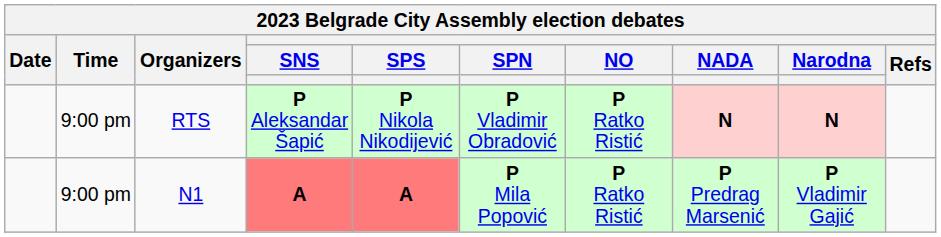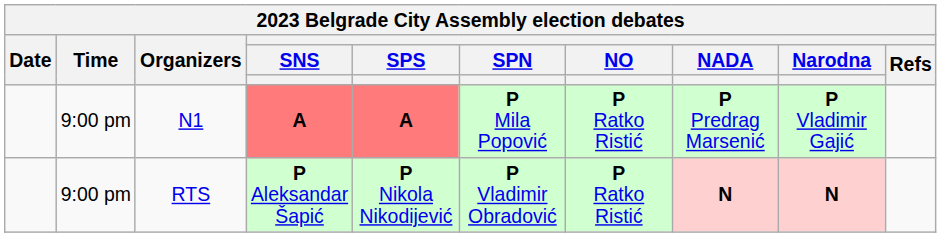 <table class="wikitable" style="font-size:85%; line-height:15px; text-align:center">
 <tr>
 <th colspan="10">2023 Belgrade City Assembly election debates</th>
 </tr>
 <tr>
 <th rowspan="3">Date</th>
 <th rowspan="3">Time</th>
 <th rowspan="3">Organizers</th>
 <th colspan="7">      </th>
 </tr>
 <tr>
 <th scope="col" style="width:5em"><a href='#'>SNS</a></th>
 <th scope="col" style="width:5em"><a href='#'>SPS</a></th>
 <th scope="col" style="width:5em"><a href='#'>SPN</a></th>
 <th scope="col" style="width:5em"><a href='#'>NO</a></th>
 <th scope="col" style="width:5em"><a href='#'>NADA</a></th>
 <th scope="col" style="width:5em"><a href='#'>Narodna</a></th>
 <th rowspan="2">Refs</th>
 </tr>
 <tr>
 <th style="background:"></th>
 <th style="background:"></th>
 <th style="background:"></th>
 <th style="background:"></th>
 <th style="background:"></th>
 <th style="background:"></th>
 </tr>
 <tr>
 <td></td>
 <td>9:00 pm</td>
+<td><a href='#'>N1</a></td>
+<td style="background:#FF7A7A"><strong>A</strong></td>
+<td style="background:#FF7A7A"><strong>A</strong></td>
+<td style="background:#D0FFD0"><strong>P</strong><br><a href='#'>Mila Popović</a></td>
+<td style="background:#D0FFD0"><strong>P</strong><br><a href='#'>Ratko Ristić</a></td>
+<td style="background:#D0FFD0"><strong>P</strong><br><a href='#'>Predrag Marsenić</a></td>
+<td style="background:#D0FFD0"><strong>P</strong><br><a href='#'>Vladimir Gajić</a></td>
+<td></td>
+</tr>
+<tr>
+<td></td>
+<td>9:00 pm</td>
 <td><a href='#'>RTS</a></td>
 <td style="background:#D0FFD0"><strong>P</strong><br><a href='#'>Aleksandar Šapić</a></td>
 <td style="background:#D0FFD0"><strong>P</strong><br><a href='#'>Nikola Nikodijević</a></td>
 <td style="background:#D0FFD0"><strong>P</strong><br><a href='#'>Vladimir Obradović</a></td>
 <td style="background:#D0FFD0"><strong>P</strong><br><a href='#'>Ratko Ristić</a></td>
 <td style="background:#FFD0D0"><strong>N</strong></td>
 <td style="background:#FFD0D0"><strong>N</strong></td>
 <td></td>
 </tr>
-<tr>
-<td></td>
-<td>9:00 pm</td>
-<td><a href='#'>N1</a></td>
-<td style="background:#FF7A7A"><strong>A</strong></td>
-<td style="background:#FF7A7A"><strong>A</strong></td>
-<td style="background:#D0FFD0"><strong>P</strong><br><a href='#'>Mila Popović</a></td>
-<td style="background:#D0FFD0"><strong>P</strong><br><a href='#'>Ratko Ristić</a></td>
-<td style="background:#D0FFD0"><strong>P</strong><br><a href='#'>Predrag Marsenić</a></td>
-<td style="background:#D0FFD0"><strong>P</strong><br><a href='#'>Vladimir Gajić</a></td>
-<td></td>
-</tr>
 </table>
